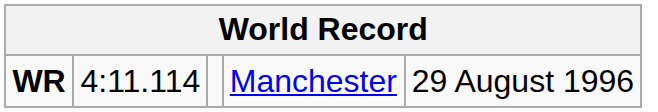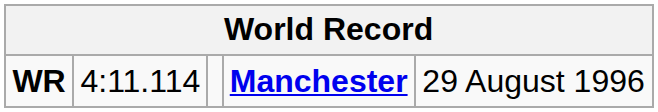 <table class="wikitable">
 <tr>
 <th colspan=5>World Record</th>
 </tr>
 <tr>
 <td><strong>WR</strong></td>
 <td>4:11.114</td>
 <td></td>
-<td><a href='#'>Manchester</a> </td>
+<td><strong><a href='#'>Manchester</a> </strong></td>
 <td>29 August 1996</td>
 </tr>
 </table>
